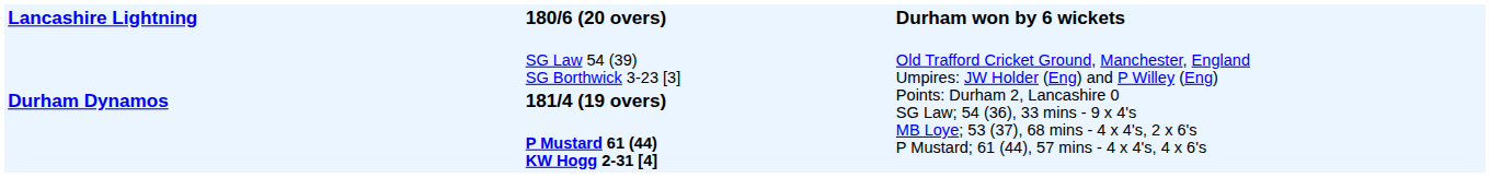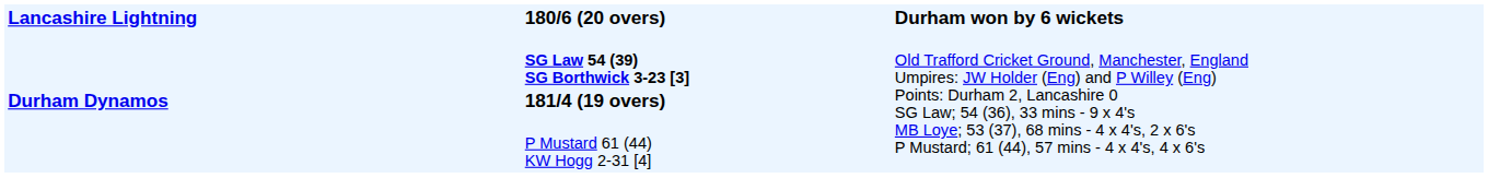 <table style="width:100%; background:#ebf5ff;">
 <tr>
 <td style="width:35%; vertical-align:top;" rowspan="2"><strong><a href='#'>Lancashire Lightning</a></strong></td>
 <td style="width:25%;"><strong>180/6 (20 overs)</strong></td>
 <td style="width:40%;"><strong>Durham won by 6 wickets</strong></td>
 </tr>
 <tr>
-<td style="font-size: 85%;"><br><a href='#'>SG Law</a> 54 (39)<br> <a href='#'>SG Borthwick</a> 3-23 [3]</td>
+<td style="font-size: 85%;"><strong><br><a href='#'>SG Law</a> 54 (39)<br> <a href='#'>SG Borthwick</a> 3-23 [3]</strong></td>
 <td style="vertical-align:top; font-size:85%;" rowspan="3"><br><a href='#'>Old Trafford Cricket Ground</a>, <a href='#'>Manchester</a>, <a href='#'>England</a><br> Umpires: <a href='#'>JW Holder</a> (<a href='#'>Eng</a>) and <a href='#'>P Willey</a> (<a href='#'>Eng</a>)<br> Points: Durham 2, Lancashire 0<br>SG Law; 54 (36), 33 mins - 9 x 4's<br> <a href='#'>MB Loye</a>; 53 (37), 68 mins - 4 x 4's, 2 x 6's<br> P Mustard; 61 (44), 57 mins - 4 x 4's, 4 x 6's</td>
 </tr>
 <tr>
 <td style="vertical-align:top;" rowspan="2"><strong><a href='#'>Durham Dynamos</a></strong></td>
 <td><strong>181/4 (19 overs)</strong></td>
 </tr>
 <tr>
-<td style="font-size: 85%;"><strong><br><a href='#'>P Mustard</a> 61 (44)<br> <a href='#'>KW Hogg</a> 2-31 [4]</strong></td>
+<td style="font-size: 85%;"><br><a href='#'>P Mustard</a> 61 (44)<br> <a href='#'>KW Hogg</a> 2-31 [4]</td>
 </tr>
 </table>
